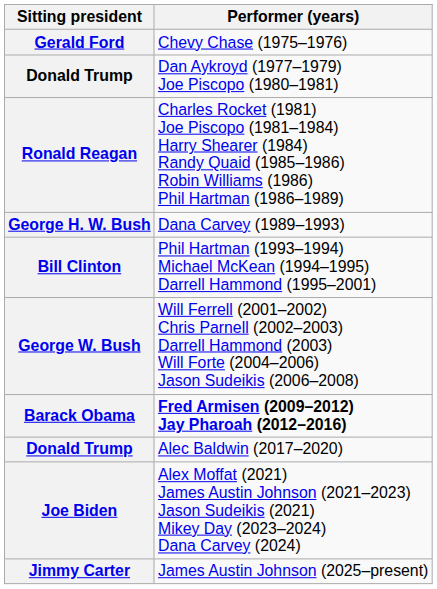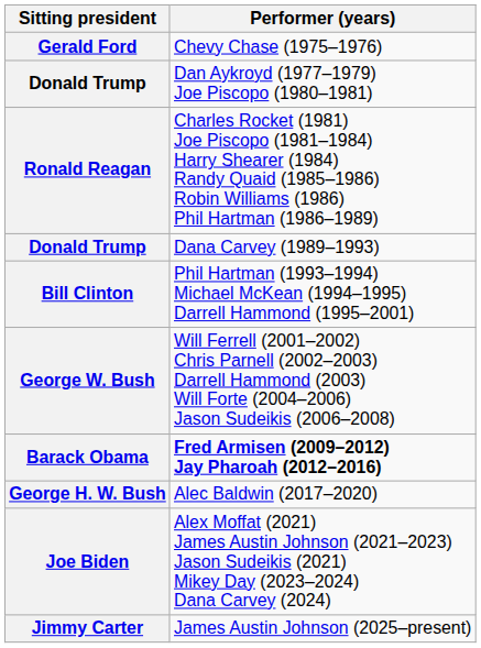 <table class="wikitable floatright">
 <tr>
 <th scope="col">Sitting president</th>
 <th scope="col">Performer (years)</th>
 </tr>
 <tr>
 <th scope="row"><a href='#'>Gerald Ford</a></th>
 <td><a href='#'>Chevy Chase</a> (1975–1976)</td>
 </tr>
 <tr>
 <th scope="row">Donald Trump</th>
 <td><a href='#'>Dan Aykroyd</a> (1977–1979)<br><a href='#'>Joe Piscopo</a> (1980–1981)</td>
 </tr>
 <tr>
 <th scope="row"><a href='#'>Ronald Reagan</a></th>
 <td><a href='#'>Charles Rocket</a> (1981)<br><a href='#'>Joe Piscopo</a> (1981–1984)<br><a href='#'>Harry Shearer</a> (1984)<br><a href='#'>Randy Quaid</a> (1985–1986)<br><a href='#'>Robin Williams</a> (1986)<br><a href='#'>Phil Hartman</a> (1986–1989)</td>
 </tr>
 <tr>
-<th scope="row"><a href='#'>George H. W. Bush</a></th>
+<th scope="row"><a href='#'>Donald Trump</a></th>
 <td><a href='#'>Dana Carvey</a> (1989–1993)</td>
 </tr>
 <tr>
 <th scope="row"><a href='#'>Bill Clinton</a></th>
 <td><a href='#'>Phil Hartman</a> (1993–1994)<br><a href='#'>Michael McKean</a> (1994–1995)<br><a href='#'>Darrell Hammond</a> (1995–2001)</td>
 </tr>
 <tr>
 <th scope="row"><a href='#'>George W. Bush</a></th>
 <td><a href='#'>Will Ferrell</a> (2001–2002)<br><a href='#'>Chris Parnell</a> (2002–2003)<br><a href='#'>Darrell Hammond</a> (2003)<br><a href='#'>Will Forte</a> (2004–2006)<br><a href='#'>Jason Sudeikis</a> (2006–2008)</td>
 </tr>
 <tr>
 <th scope="row"><a href='#'>Barack Obama</a></th>
 <td><strong><a href='#'>Fred Armisen</a> (2009–2012)<br><a href='#'>Jay Pharoah</a> (2012–2016)</strong></td>
 </tr>
 <tr>
-<th scope="row"><a href='#'>Donald Trump</a></th>
+<th scope="row"><a href='#'>George H. W. Bush</a></th>
 <td><a href='#'>Alec Baldwin</a> (2017–2020)<br></td>
 </tr>
 <tr>
 <th scope="row"><a href='#'>Joe Biden</a><br></th>
 <td><a href='#'>Alex Moffat</a> (2021)<br><a href='#'>James Austin Johnson</a> (2021–2023)<br><a href='#'>Jason Sudeikis</a> (2021)<br><a href='#'>Mikey Day</a> (2023–2024)<br><a href='#'>Dana Carvey</a> (2024)</td>
 </tr>
 <tr>
 <th scope="row"><a href='#'>Jimmy Carter</a></th>
 <td><a href='#'>James Austin Johnson</a> (2025–present)</td>
 </tr>
 </table>
